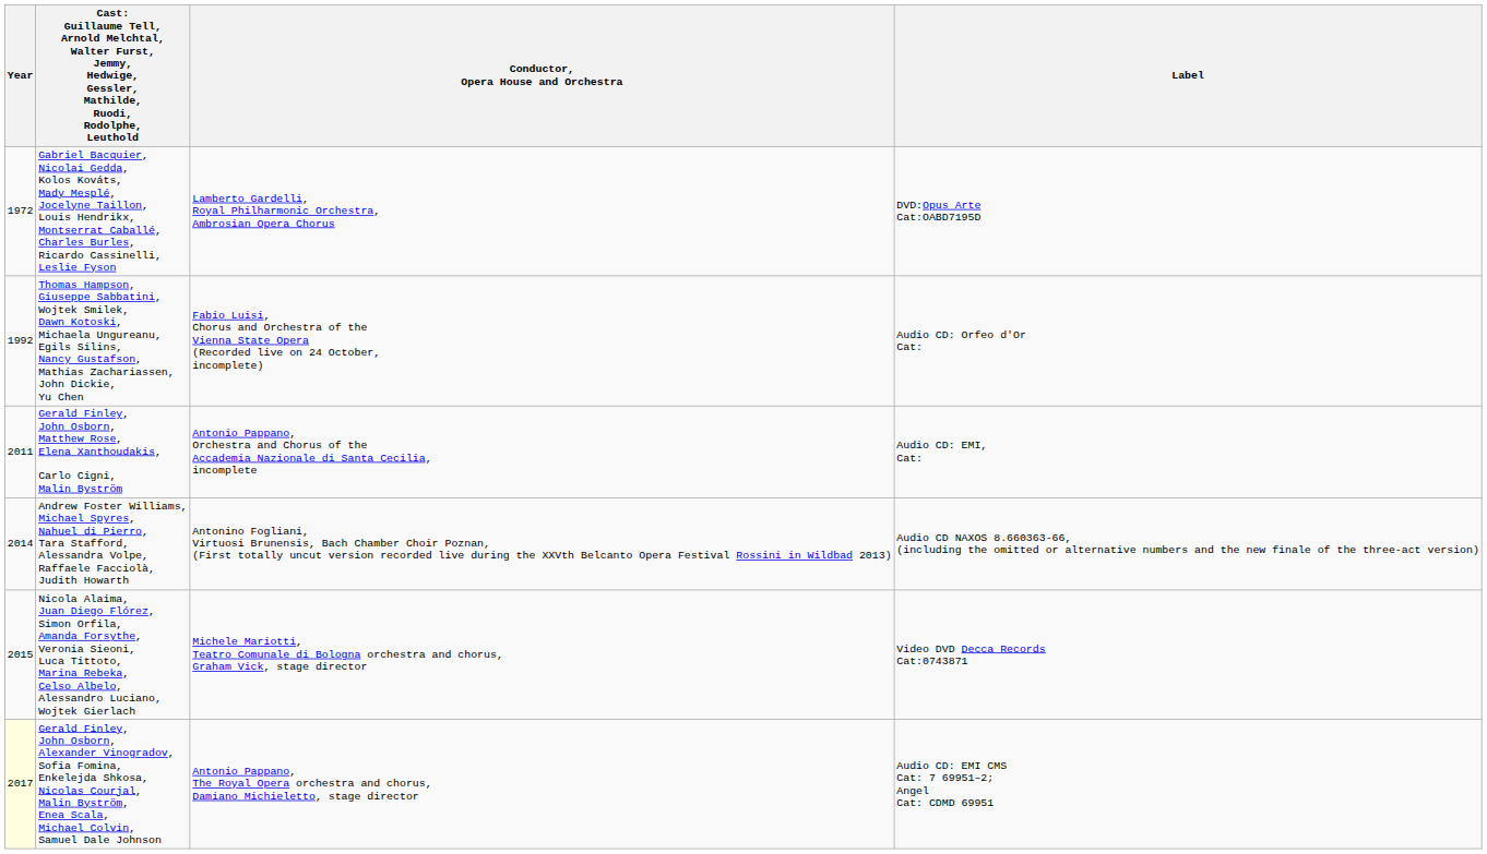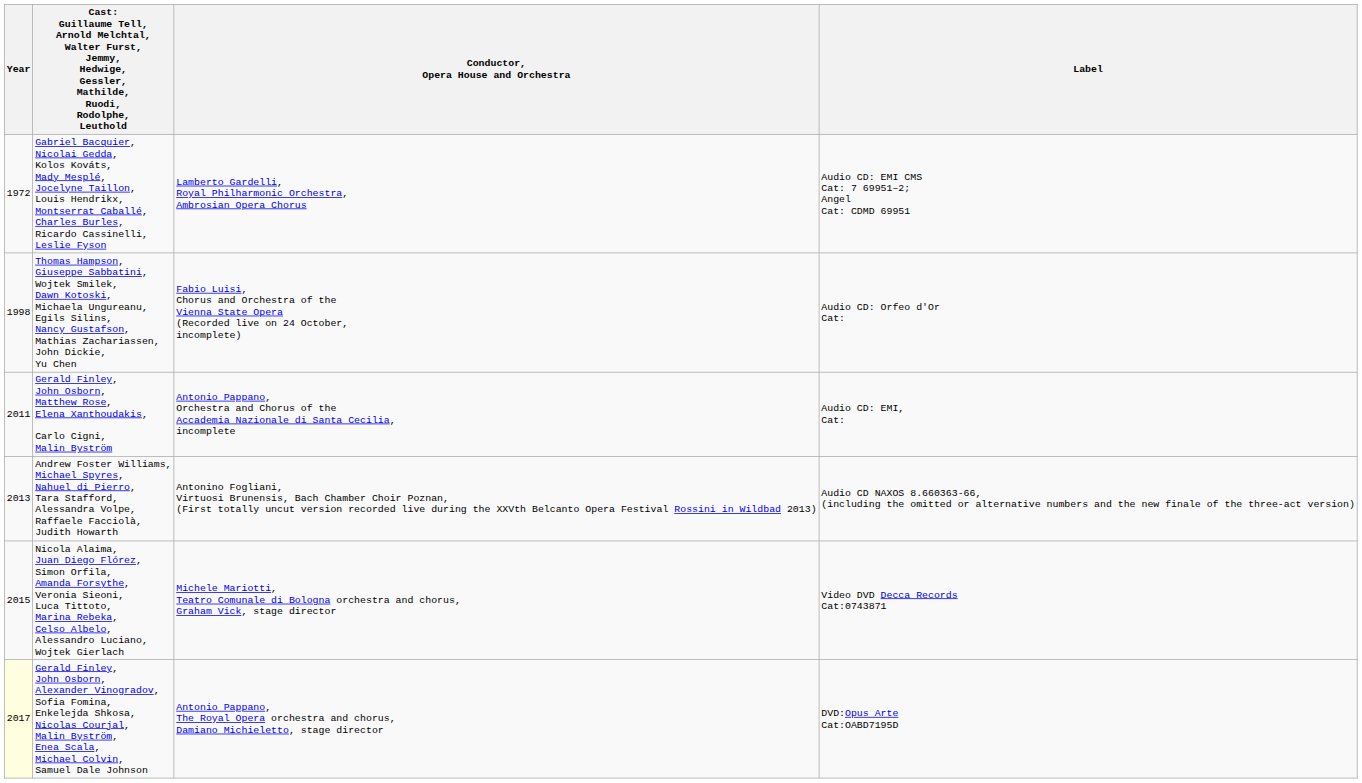 <table class="wikitable">
 <tr>
 <th>Year</th>
 <th>Cast:<br>Guillaume Tell,<br> Arnold Melchtal,<br> Walter Furst,<br> Jemmy,<br> Hedwige,<br> Gessler,<br>Mathilde,<br> Ruodi,<br>Rodolphe,<br>Leuthold</th>
 <th>Conductor,<br>Opera House and Orchestra</th>
 <th>Label</th>
 </tr>
 <tr>
 <td>1972</td>
 <td><a href='#'>Gabriel Bacquier</a>,<br><a href='#'>Nicolai Gedda</a>,<br>Kolos Kováts,<br><a href='#'>Mady Mesplé</a>,<br><a href='#'>Jocelyne Taillon</a>,<br>Louis Hendrikx,<br><a href='#'>Montserrat Caballé</a>,<br><a href='#'>Charles Burles</a>,<br>Ricardo Cassinelli,<br><a href='#'>Leslie Fyson</a></td>
 <td><a href='#'>Lamberto Gardelli</a>,<br><a href='#'>Royal Philharmonic Orchestra</a>,<br><a href='#'>Ambrosian Opera Chorus</a></td>
-<td>DVD:<a href='#'>Opus Arte</a><br> Cat:OABD7195D</td>
+<td>Audio CD: EMI CMS<br>Cat: 7 69951–2;<br>Angel<br>Cat: CDMD 69951</td>
 </tr>
 <tr>
-<td>1992</td>
+<td>1998</td>
 <td><a href='#'>Thomas Hampson</a>,<br><a href='#'>Giuseppe Sabbatini</a>,<br>Wojtek Smilek,<br><a href='#'>Dawn Kotoski</a>,<br>Michaela Ungureanu,<br>Egils Silins,<br><a href='#'>Nancy Gustafson</a>,<br>Mathias Zachariassen,<br>John Dickie,<br>Yu Chen</td>
 <td><a href='#'>Fabio Luisi</a>,<br>Chorus and Orchestra of the<br><a href='#'>Vienna State Opera</a><br>(Recorded live on 24 October,<br>incomplete)</td>
 <td>Audio CD: Orfeo d'Or<br>Cat: </td>
 </tr>
 <tr>
 <td>2011</td>
 <td><a href='#'>Gerald Finley</a>,<br><a href='#'>John Osborn</a>,<br><a href='#'>Matthew Rose</a>,<br><a href='#'>Elena Xanthoudakis</a>,<br><br>Carlo Cigni,<br><a href='#'>Malin Byström</a></td>
 <td><a href='#'>Antonio Pappano</a>,<br>Orchestra and Chorus of the<br><a href='#'>Accademia Nazionale di Santa Cecilia</a>,<br>incomplete</td>
 <td>Audio CD: EMI,<br>Cat:</td>
 </tr>
 <tr>
-<td>2014</td>
+<td>2013</td>
 <td>Andrew Foster Williams, <br><a href='#'>Michael Spyres</a>, <br><a href='#'>Nahuel di Pierro</a>, <br>Tara Stafford, <br>Alessandra Volpe, <br>Raffaele Facciolà, <br>Judith Howarth</td>
 <td>Antonino Fogliani, <br>Virtuosi Brunensis, Bach Chamber Choir Poznan, <br>(First totally uncut version recorded live during the XXVth Belcanto Opera Festival <a href='#'>Rossini in Wildbad</a> 2013)</td>
 <td>Audio CD NAXOS 8.660363-66, <br>(including the omitted or alternative numbers and the new finale of the three-act version)</td>
 </tr>
 <tr>
 <td>2015</td>
 <td>Nicola Alaima,<br><a href='#'>Juan Diego Flórez</a>,<br>Simon Orfila,<br><a href='#'>Amanda Forsythe</a>,<br>Veronia Sieoni,<br>Luca Tittoto,<br><a href='#'>Marina Rebeka</a>,<br><a href='#'>Celso Albelo</a>,<br>Alessandro Luciano,<br>Wojtek Gierlach</td>
 <td><a href='#'>Michele Mariotti</a>,<br><a href='#'>Teatro Comunale di Bologna</a> orchestra and chorus,<br><a href='#'>Graham Vick</a>, stage director</td>
 <td>Video DVD <a href='#'>Decca Records</a><br> Cat:0743871</td>
 </tr>
 <tr>
 <td style="background: lightyellow;">2017</td>
 <td><a href='#'>Gerald Finley</a>, <br><a href='#'>John Osborn</a>, <br><a href='#'>Alexander Vinogradov</a>,<br>Sofia Fomina,<br>Enkelejda Shkosa,<br><a href='#'>Nicolas Courjal</a>,<br><a href='#'>Malin Byström</a>,<br><a href='#'>Enea Scala</a>,<br><a href='#'>Michael Colvin</a>,<br>Samuel Dale Johnson</td>
 <td><a href='#'>Antonio Pappano</a>,<br><a href='#'>The Royal Opera</a> orchestra and chorus,<br> <a href='#'>Damiano Michieletto</a>, stage director</td>
-<td>Audio CD: EMI CMS<br>Cat: 7 69951–2;<br>Angel<br>Cat: CDMD 69951</td>
+<td>DVD:<a href='#'>Opus Arte</a><br> Cat:OABD7195D</td>
 </tr>
 </table>
